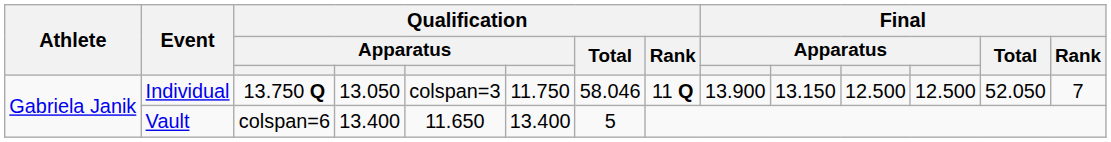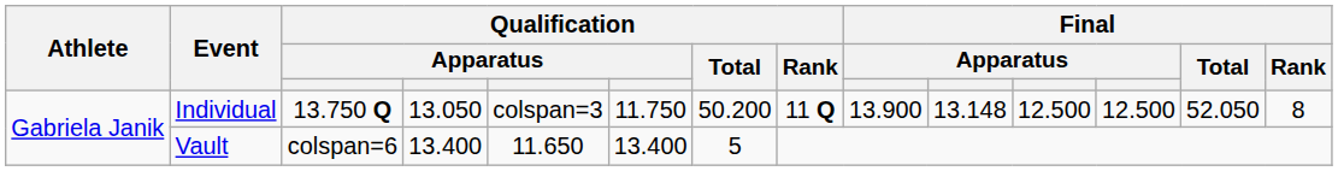 <table class="wikitable" style="font-size:90%">
 <tr>
 <th rowspan=3>Athlete</th>
 <th rowspan=3>Event</th>
 <th colspan=6>Qualification</th>
 <th colspan=6>Final</th>
 </tr>
 <tr style="font-size:95%">
 <th colspan=4>Apparatus</th>
 <th rowspan=2>Total</th>
 <th rowspan=2>Rank</th>
 <th colspan=4>Apparatus</th>
 <th rowspan=2>Total</th>
 <th rowspan=2>Rank</th>
 </tr>
 <tr style="font-size:95%">
 <th></th>
 <th></th>
 <th></th>
 <th></th>
 <th></th>
 <th></th>
 <th></th>
 <th></th>
 </tr>
 <tr align=center>
 <td rowspan=2 align=left><a href='#'>Gabriela Janik</a></td>
 <td align=left><a href='#'>Individual</a></td>
 <td>13.750 <strong>Q</strong></td>
 <td>13.050</td>
 <td>colspan=3 </td>
 <td>11.750</td>
-<td>58.046</td>
+<td>50.200</td>
 <td>11 <strong>Q</strong></td>
 <td>13.900</td>
-<td>13.150</td>
+<td>13.148</td>
 <td>12.500</td>
 <td>12.500</td>
 <td>52.050</td>
-<td>7</td>
+<td>8</td>
 </tr>
 <tr align=center>
 <td align=left><a href='#'>Vault</a></td>
 <td>colspan=6 </td>
 <td>13.400</td>
 <td>11.650</td>
 <td>13.400</td>
 <td>5</td>
 </tr>
 </table>
